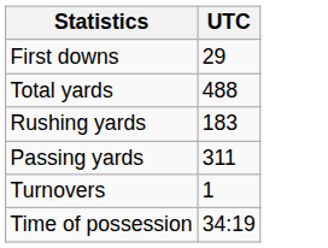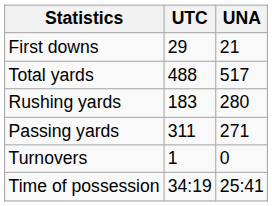 <table class="wikitable" style="float: left;">
 <tr>
 <th>Statistics</th>
 <th>UTC</th>
+<th>UNA</th>
 </tr>
 <tr>
 <td>First downs</td>
 <td>29</td>
+<td>21</td>
 </tr>
 <tr>
 <td>Total yards</td>
 <td>488</td>
+<td>517</td>
 </tr>
 <tr>
 <td>Rushing yards</td>
 <td>183</td>
+<td>280</td>
 </tr>
 <tr>
 <td>Passing yards</td>
 <td>311</td>
+<td>271</td>
 </tr>
 <tr>
 <td>Turnovers</td>
 <td>1</td>
+<td>0</td>
 </tr>
 <tr>
 <td>Time of possession</td>
 <td>34:19</td>
+<td>25:41</td>
 </tr>
 </table>
